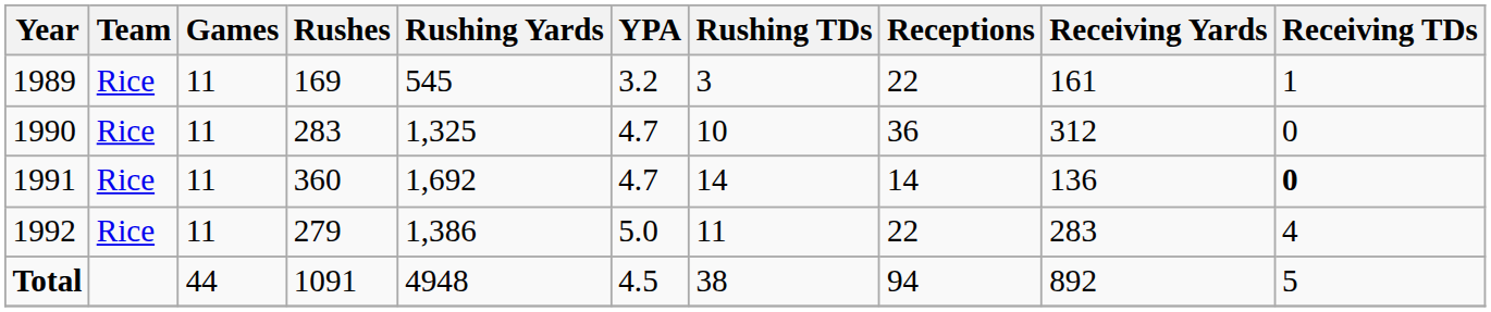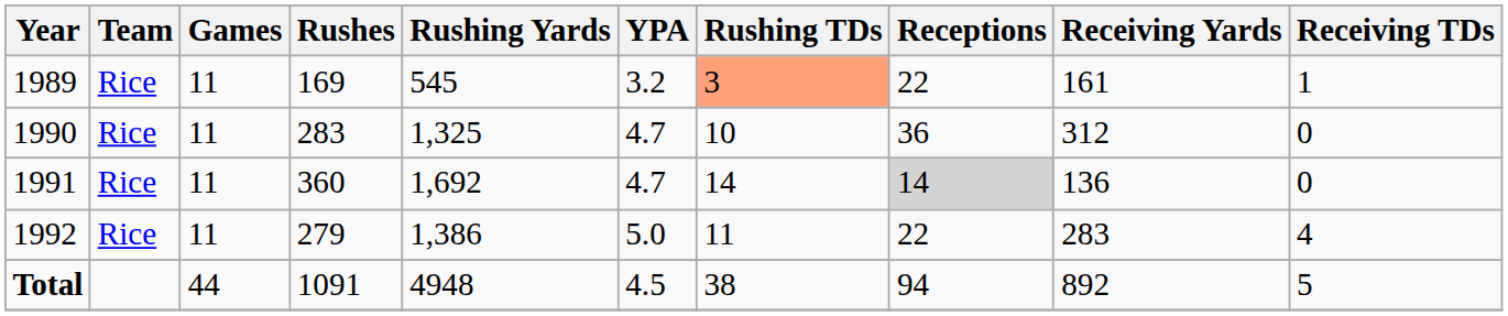 <table class="wikitable">
 <tr>
 <th>Year</th>
 <th>Team</th>
 <th>Games</th>
 <th>Rushes</th>
 <th>Rushing Yards</th>
 <th>YPA</th>
 <th>Rushing TDs</th>
 <th>Receptions</th>
 <th>Receiving Yards</th>
 <th>Receiving TDs</th>
 </tr>
 <tr>
 <td>1989</td>
 <td><a href='#'>Rice</a></td>
 <td>11</td>
 <td>169</td>
 <td>545</td>
 <td>3.2</td>
-<td>3</td>
+<td style="background: lightsalmon;">3</td>
 <td>22</td>
 <td>161</td>
 <td>1</td>
 </tr>
 <tr>
 <td>1990</td>
 <td><a href='#'>Rice</a></td>
 <td>11</td>
 <td>283</td>
 <td>1,325</td>
 <td>4.7</td>
 <td>10</td>
 <td>36</td>
 <td>312</td>
 <td>0</td>
 </tr>
 <tr>
 <td>1991</td>
 <td><a href='#'>Rice</a></td>
 <td>11</td>
 <td>360</td>
 <td>1,692</td>
 <td>4.7</td>
 <td>14</td>
-<td>14</td>
+<td style="background: lightgrey;">14</td>
 <td>136</td>
-<td><strong>0</strong></td>
+<td>0</td>
 </tr>
 <tr>
 <td>1992</td>
 <td><a href='#'>Rice</a></td>
 <td>11</td>
 <td>279</td>
 <td>1,386</td>
 <td>5.0</td>
 <td>11</td>
 <td>22</td>
 <td>283</td>
 <td>4</td>
 </tr>
 <tr>
 <td><strong>Total</strong></td>
 <td></td>
 <td>44</td>
 <td>1091</td>
 <td>4948</td>
 <td>4.5</td>
 <td>38</td>
 <td>94</td>
 <td>892</td>
 <td>5</td>
 </tr>
 <tr>
 </tr>
 </table>
